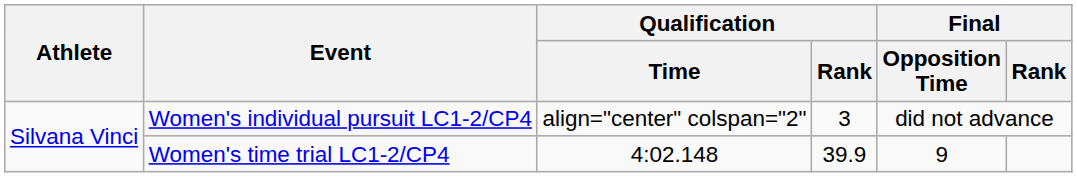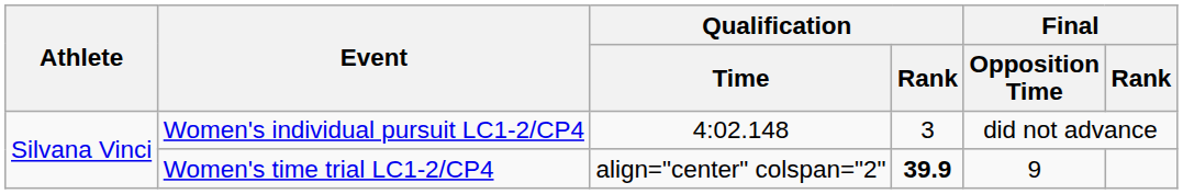 <table class=wikitable style="font-size:90%">
 <tr>
 <th rowspan="2">Athlete</th>
 <th rowspan="2">Event</th>
 <th colspan="2">Qualification</th>
 <th colspan="2">Final</th>
 </tr>
 <tr>
 <th>Time</th>
 <th>Rank</th>
 <th>Opposition<br>Time</th>
 <th>Rank</th>
 </tr>
 <tr>
 <td rowspan="2"><a href='#'>Silvana Vinci</a></td>
 <td><a href='#'>Women's individual pursuit LC1-2/CP4</a></td>
-<td>align="center" colspan="2" </td>
+<td align="center">4:02.148</td>
 <td align="center">3</td>
 <td align="center" colspan="2">did not advance</td>
 </tr>
 <tr>
 <td><a href='#'>Women's time trial LC1-2/CP4</a></td>
-<td align="center">4:02.148</td>
-<td align="center">39.9</td>
+<td>align="center" colspan="2" </td>
+<td align="center"><strong>39.9</strong></td>
 <td align="center">9</td>
 </tr>
 </table>
